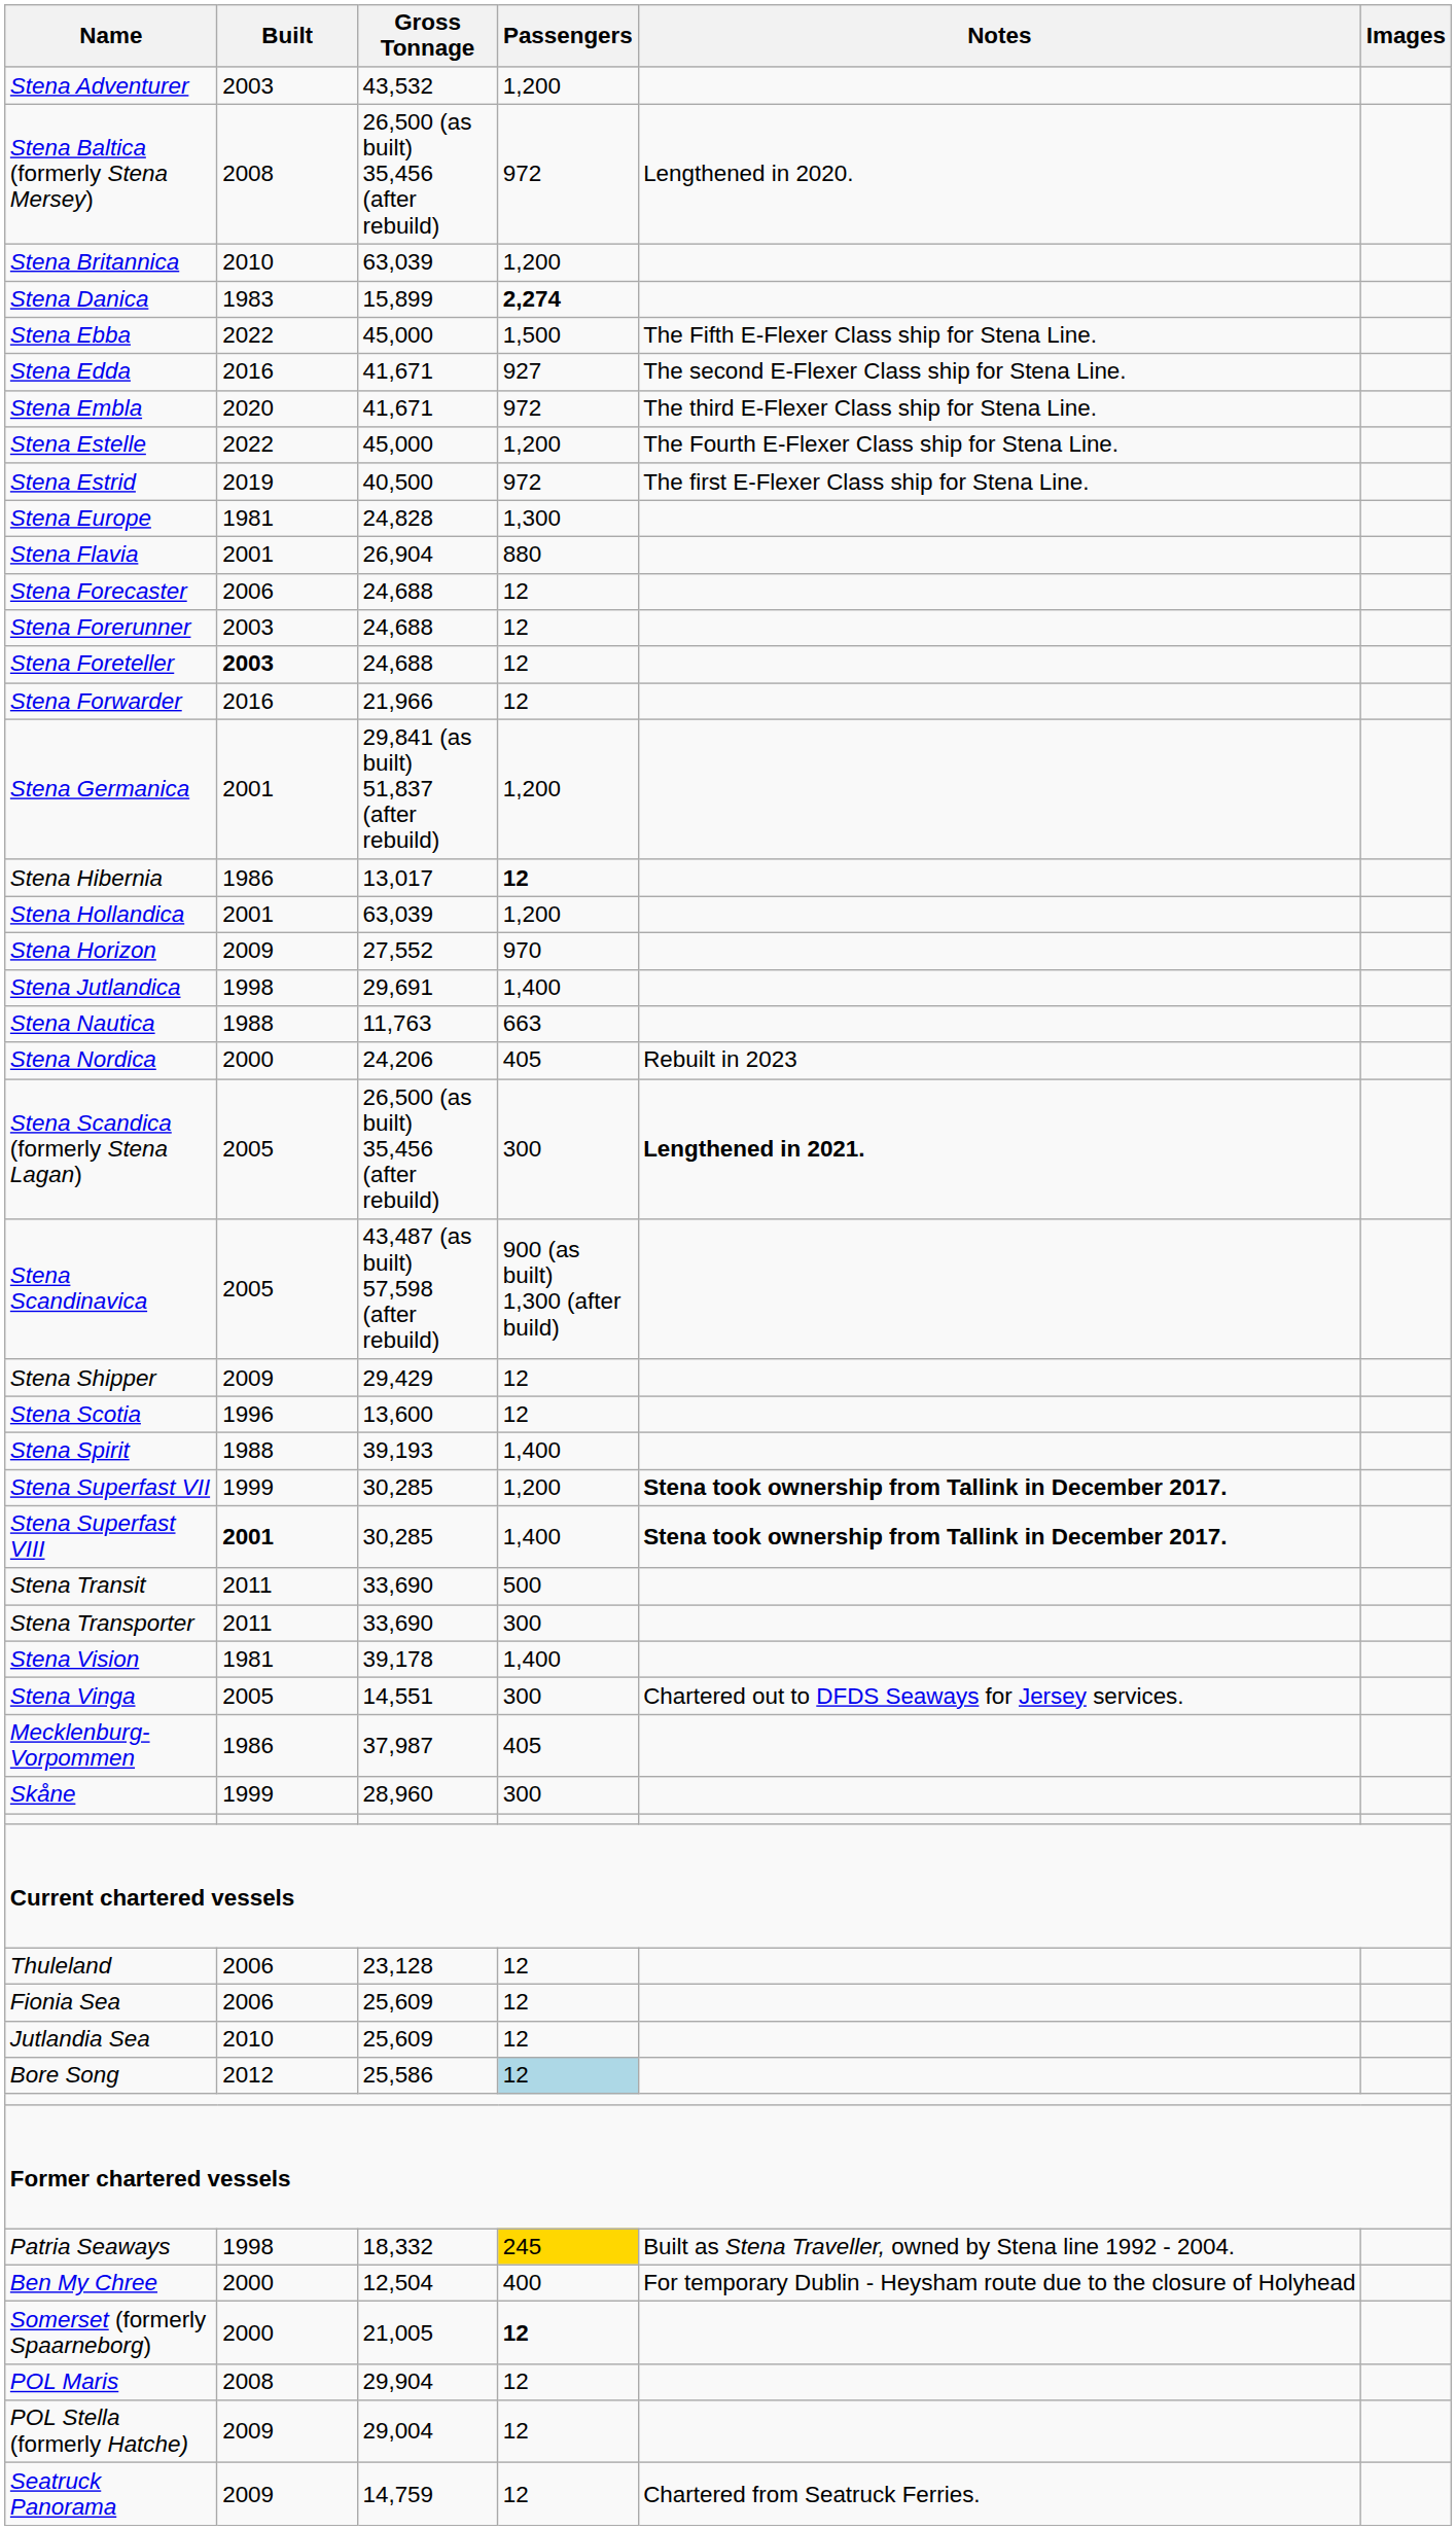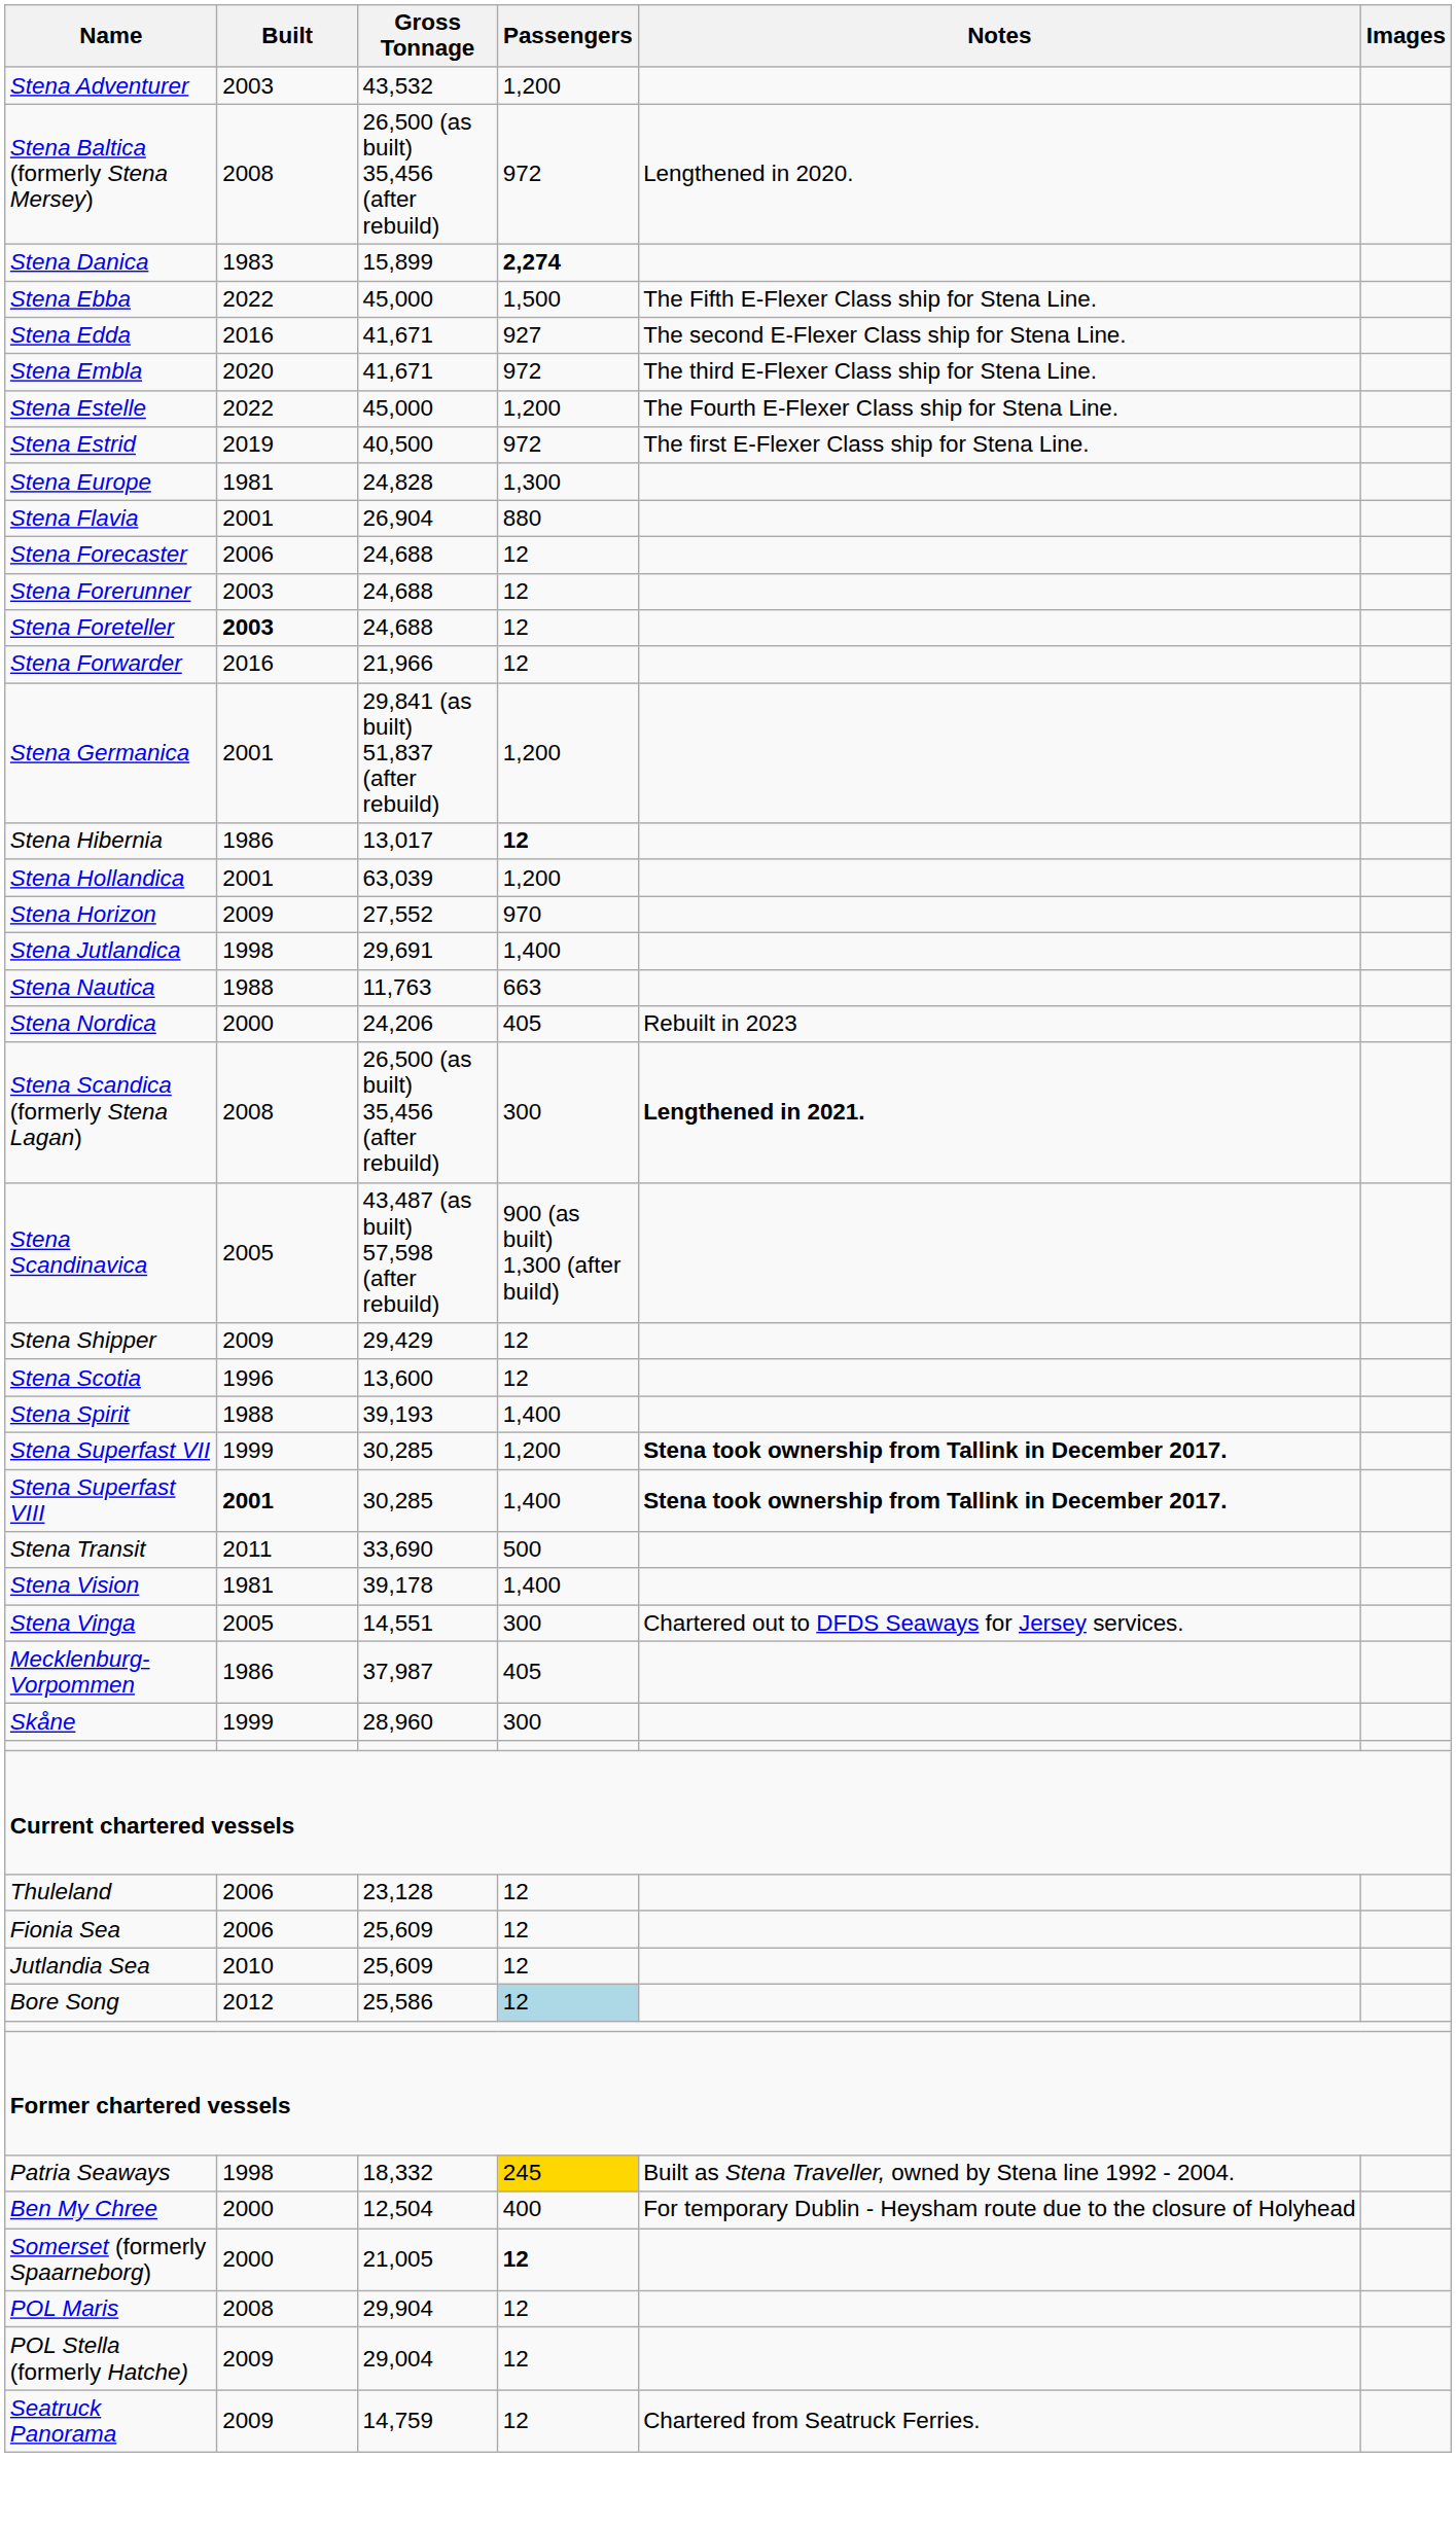 <table class="wikitable sortable" border="1">
 <tr>
 <th scope="col" width="140pt">Name</th>
 <th scope="col" width="90pt">Built</th>
 <th scope="col" width="90pt">Gross Tonnage</th>
 <th scope="col" width="90pt">Passengers</th>
 <th scope="col" class="unsortable">Notes</th>
 <th scope="col" class="unsortable">Images</th>
 </tr>
 <tr>
 <td><a href='#'><em>Stena Adventurer</em></a></td>
 <td>2003</td>
 <td>43,532</td>
 <td>1,200</td>
 <td></td>
 <td></td>
 </tr>
 <tr>
 <td><a href='#'><em>Stena Baltica</em></a> (formerly <em>Stena Mersey</em>)</td>
 <td>2008</td>
 <td>26,500 (as built) <br>35,456 (after rebuild)</td>
 <td>972</td>
 <td>Lengthened in 2020.</td>
-<td></td>
-</tr>
-<tr>
-<td><a href='#'><em>Stena Britannica</em></a></td>
-<td>2010</td>
-<td>63,039</td>
-<td>1,200</td>
-<td></td>
 <td></td>
 </tr>
 <tr>
 <td><a href='#'><em>Stena Danica</em></a></td>
 <td>1983</td>
 <td>15,899</td>
 <td><strong>2,274</strong></td>
 <td></td>
 <td></td>
 </tr>
 <tr>
 <td><a href='#'><em>Stena Ebba</em></a></td>
 <td>2022</td>
 <td>45,000</td>
 <td>1,500</td>
 <td>The Fifth E-Flexer Class ship for Stena Line.</td>
 <td></td>
 </tr>
 <tr>
 <td><a href='#'><em>Stena Edda</em></a></td>
 <td>2016</td>
 <td>41,671</td>
 <td>927</td>
 <td>The second E-Flexer Class ship for Stena Line.</td>
 <td></td>
 </tr>
 <tr>
 <td><a href='#'><em>Stena Embla</em></a></td>
 <td>2020</td>
 <td>41,671</td>
 <td>972</td>
 <td>The third E-Flexer Class ship for Stena Line.</td>
 <td></td>
 </tr>
 <tr>
 <td><a href='#'><em>Stena Estelle</em></a></td>
 <td>2022</td>
 <td>45,000</td>
 <td>1,200</td>
 <td>The Fourth E-Flexer Class ship for Stena Line.</td>
 <td></td>
 </tr>
 <tr>
 <td><a href='#'><em>Stena Estrid</em></a></td>
 <td>2019</td>
 <td>40,500</td>
 <td>972</td>
 <td>The first E-Flexer Class ship for Stena Line.</td>
 <td></td>
 </tr>
 <tr>
 <td><a href='#'><em>Stena Europe</em></a></td>
 <td>1981</td>
 <td>24,828</td>
 <td>1,300</td>
 <td></td>
 <td></td>
 </tr>
 <tr>
 <td><em><a href='#'>Stena Flavia</a></em></td>
 <td>2001</td>
 <td>26,904</td>
 <td>880</td>
 <td></td>
 <td></td>
 </tr>
 <tr>
 <td><a href='#'><em>Stena Forecaster</em></a></td>
 <td>2006</td>
 <td>24,688</td>
 <td>12</td>
 <td></td>
 <td></td>
 </tr>
 <tr>
 <td><a href='#'><em>Stena Forerunner</em></a></td>
 <td>2003</td>
 <td>24,688</td>
 <td>12</td>
 <td></td>
 <td></td>
 </tr>
 <tr>
 <td><em><a href='#'>Stena Foreteller</a></em></td>
 <td><strong>2003</strong></td>
 <td>24,688</td>
 <td>12</td>
 <td></td>
 <td></td>
 </tr>
 <tr>
 <td><em><a href='#'>Stena Forwarder</a></em></td>
 <td>2016</td>
 <td>21,966</td>
 <td>12</td>
 <td></td>
 <td></td>
 </tr>
 <tr>
 <td><a href='#'><em>Stena Germanica</em></a></td>
 <td>2001</td>
 <td>29,841 (as built) <br>51,837 (after rebuild)</td>
 <td>1,200</td>
 <td></td>
 <td></td>
 </tr>
 <tr>
 <td><em>Stena Hibernia</em></td>
 <td>1986</td>
 <td>13,017</td>
 <td><strong>12</strong></td>
 <td></td>
 <td></td>
 </tr>
 <tr>
 <td><a href='#'><em>Stena Hollandica</em></a></td>
 <td>2001</td>
 <td>63,039</td>
 <td>1,200</td>
 <td></td>
 <td></td>
 </tr>
 <tr>
 <td><a href='#'><em>Stena Horizon</em></a></td>
 <td>2009</td>
 <td>27,552</td>
 <td>970</td>
 <td></td>
 <td></td>
 </tr>
 <tr>
 <td><a href='#'><em>Stena Jutlandica</em></a></td>
 <td>1998</td>
 <td>29,691</td>
 <td>1,400</td>
 <td></td>
 <td></td>
 </tr>
 <tr>
 <td><a href='#'><em>Stena Nautica</em></a></td>
 <td>1988</td>
 <td>11,763</td>
 <td>663</td>
 <td></td>
 <td></td>
 </tr>
 <tr>
 <td><a href='#'><em>Stena Nordica</em></a></td>
 <td>2000</td>
 <td>24,206</td>
 <td>405</td>
 <td>Rebuilt in 2023</td>
 <td></td>
 </tr>
 <tr>
 <td><a href='#'><em>Stena Scandica</em></a> (formerly <em>Stena Lagan</em>)</td>
-<td>2005</td>
+<td>2008</td>
 <td>26,500 (as built)<br>35,456 (after rebuild)</td>
 <td>300</td>
 <td><strong>Lengthened in 2021.</strong></td>
 <td></td>
 </tr>
 <tr>
 <td><a href='#'><em>Stena Scandinavica</em></a></td>
 <td>2005</td>
 <td>43,487 (as built)<br>57,598 (after rebuild)</td>
 <td>900 (as built)<br>1,300 (after build)</td>
 <td></td>
 <td></td>
 </tr>
 <tr>
 <td><em>Stena Shipper</em></td>
 <td>2009</td>
 <td>29,429</td>
 <td>12</td>
 <td></td>
 <td></td>
 </tr>
 <tr>
 <td><em><a href='#'>Stena Scotia</a></em></td>
 <td>1996</td>
 <td>13,600</td>
 <td>12</td>
 <td></td>
 <td></td>
 </tr>
 <tr>
 <td><a href='#'><em>Stena Spirit</em></a></td>
 <td>1988</td>
 <td>39,193</td>
 <td>1,400</td>
 <td></td>
 <td></td>
 </tr>
 <tr>
 <td><a href='#'><em>Stena Superfast VII</em></a></td>
 <td>1999</td>
 <td>30,285</td>
 <td>1,200</td>
 <td><strong>Stena took ownership from Tallink in December 2017.</strong></td>
 <td></td>
 </tr>
 <tr>
 <td><a href='#'><em>Stena Superfast VIII</em></a></td>
 <td><strong>2001</strong></td>
 <td>30,285</td>
 <td>1,400</td>
 <td><strong>Stena took ownership from Tallink in December 2017.</strong></td>
 <td></td>
 </tr>
 <tr>
 <td><em>Stena Transit</em></td>
 <td>2011</td>
 <td>33,690</td>
 <td>500</td>
-<td></td>
-<td></td>
-</tr>
-<tr>
-<td><em>Stena Transporter</em></td>
-<td>2011</td>
-<td>33,690</td>
-<td>300</td>
 <td></td>
 <td></td>
 </tr>
 <tr>
 <td><a href='#'><em>Stena Vision</em></a></td>
 <td>1981</td>
 <td>39,178</td>
 <td>1,400</td>
 <td></td>
 <td></td>
 </tr>
 <tr>
 <td><a href='#'><em>Stena Vinga</em></a></td>
 <td>2005</td>
 <td>14,551</td>
 <td>300</td>
 <td>Chartered out to <a href='#'>DFDS Seaways</a> for <a href='#'>Jersey</a> services.</td>
 <td></td>
 </tr>
 <tr>
 <td><a href='#'><em>Mecklenburg-Vorpommen</em></a></td>
 <td>1986</td>
 <td>37,987</td>
 <td>405</td>
 <td></td>
 <td></td>
 </tr>
 <tr>
 <td><a href='#'><em>Skåne</em></a></td>
 <td>1999</td>
 <td>28,960</td>
 <td>300</td>
 <td></td>
 <td></td>
 </tr>
 <tr>
 <td></td>
 <td></td>
 <td></td>
 <td></td>
 <td></td>
 <td></td>
 </tr>
 <tr>
 <td colspan="6"><br><h4>Current chartered vessels</h4></td>
 </tr>
 <tr>
 <td><em>Thuleland</em></td>
 <td>2006</td>
 <td>23,128</td>
 <td>12</td>
 <td></td>
 <td></td>
 </tr>
 <tr>
 <td><em>Fionia Sea</em></td>
 <td>2006</td>
 <td>25,609</td>
 <td>12</td>
 <td></td>
 <td></td>
 </tr>
 <tr>
 <td><em>Jutlandia Sea</em></td>
 <td>2010</td>
 <td>25,609</td>
 <td>12</td>
 <td></td>
 <td></td>
 </tr>
 <tr>
 <td><em>Bore Song</em></td>
 <td>2012</td>
 <td>25,586</td>
 <td style="background: lightblue;">12</td>
 <td></td>
 <td></td>
 </tr>
 <tr>
 <td colspan="6"></td>
 </tr>
 <tr>
 <td colspan="6"><br><h4>Former chartered vessels</h4></td>
 </tr>
 <tr>
 <td><em>Patria Seaways</em></td>
 <td>1998</td>
 <td>18,332</td>
 <td style="background: gold;">245</td>
 <td>Built as <em>Stena Traveller,</em> owned by Stena line 1992 - 2004.</td>
 <td></td>
 </tr>
 <tr>
 <td><em><a href='#'>Ben My Chree</a></em></td>
 <td>2000</td>
 <td>12,504</td>
 <td>400</td>
 <td>For temporary Dublin - Heysham route due to the closure of Holyhead</td>
 <td></td>
 </tr>
 <tr>
 <td><a href='#'><em>Somerset</em></a> (formerly <em>Spaarneborg</em>)</td>
 <td>2000</td>
 <td>21,005</td>
 <td><strong>12</strong></td>
 <td></td>
 <td></td>
 </tr>
 <tr>
 <td><em><a href='#'>POL Maris</a></em></td>
 <td>2008</td>
 <td>29,904</td>
 <td>12</td>
 <td></td>
 <td></td>
 </tr>
 <tr>
 <td><em>POL Stella</em> (formerly <em>Hatche)</em></td>
 <td>2009</td>
 <td>29,004</td>
 <td>12</td>
 <td></td>
 <td></td>
 </tr>
 <tr>
 <td><a href='#'><em>Seatruck Panorama</em></a></td>
 <td>2009</td>
 <td>14,759</td>
 <td>12</td>
 <td>Chartered from Seatruck Ferries.</td>
 <td></td>
 </tr>
 </table>
